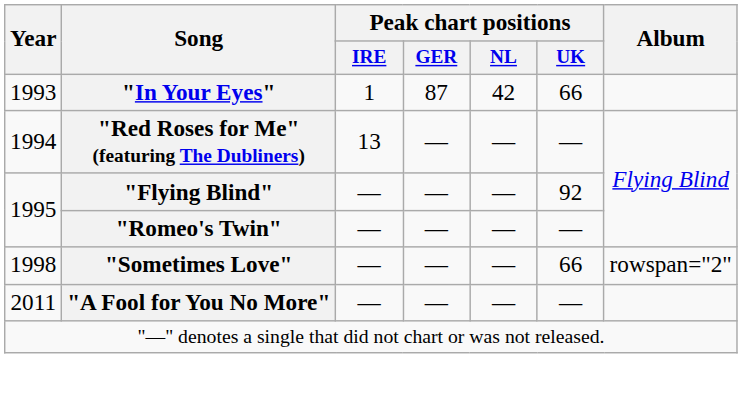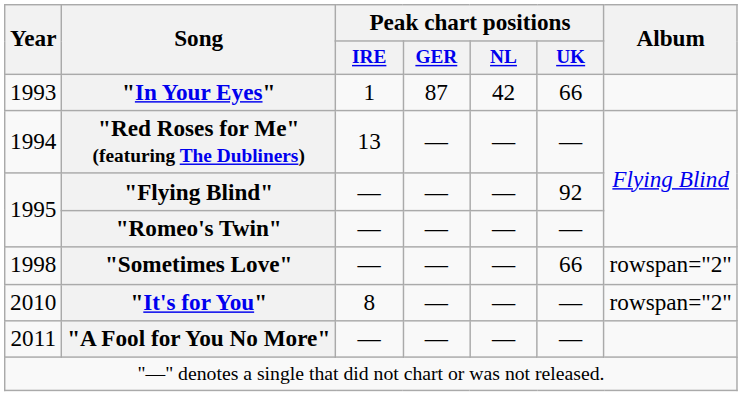 <table class="wikitable plainrowheaders" style="text-align:center;">
 <tr>
 <th scope="col" rowspan="2">Year</th>
 <th scope="col" rowspan="2">Song</th>
 <th scope="col" colspan="4">Peak chart positions</th>
 <th scope="col" rowspan="2">Album</th>
 </tr>
 <tr style=font-size:smaller>
 <th width="40"><a href='#'>IRE</a><br></th>
 <th width="40"><a href='#'>GER</a></th>
 <th width="40"><a href='#'>NL</a></th>
 <th width="40"><a href='#'>UK</a></th>
 </tr>
 <tr>
 <td>1993</td>
 <th scope="row">"<a href='#'>In Your Eyes</a>"</th>
 <td align="center">1</td>
 <td align="center">87</td>
 <td align="center">42</td>
 <td align="center">66</td>
 <td></td>
 </tr>
 <tr>
 <td>1994</td>
 <th scope="row">"Red Roses for Me" <br><small>(featuring <a href='#'>The Dubliners</a>)</small></th>
 <td align="center">13</td>
 <td align="center">—</td>
 <td align="center">—</td>
 <td align="center">—</td>
 <td rowspan="3"><em><a href='#'>Flying Blind</a></em></td>
 </tr>
 <tr>
 <td rowspan="2">1995</td>
 <th scope="row">"Flying Blind"</th>
 <td align="center">—</td>
 <td align="center">—</td>
 <td align="center">—</td>
 <td align="center">92</td>
 </tr>
 <tr>
 <th scope="row">"Romeo's Twin"</th>
 <td align="center">—</td>
 <td align="center">—</td>
 <td align="center">—</td>
 <td align="center">—</td>
 </tr>
 <tr>
 <td>1998</td>
 <th scope="row">"Sometimes Love"</th>
 <td align="center">—</td>
 <td align="center">—</td>
 <td align="center">—</td>
 <td align="center">66</td>
 <td>rowspan="2" </td>
 </tr>
 <tr>
+<td>2010</td>
+<th scope="row">"<a href='#'>It's for You</a>"</th>
+<td align="center">8</td>
+<td align="center">—</td>
+<td align="center">—</td>
+<td align="center">—</td>
+<td>rowspan="2" </td>
+</tr>
+<tr>
 <td>2011</td>
 <th scope="row">"A Fool for You No More"</th>
 <td align="center">—</td>
 <td align="center">—</td>
 <td align="center">—</td>
 <td align="center">—</td>
 </tr>
 <tr>
 <td colspan="7" style="font-size:85%">"—" denotes a single that did not chart or was not released.</td>
 </tr>
 </table>
